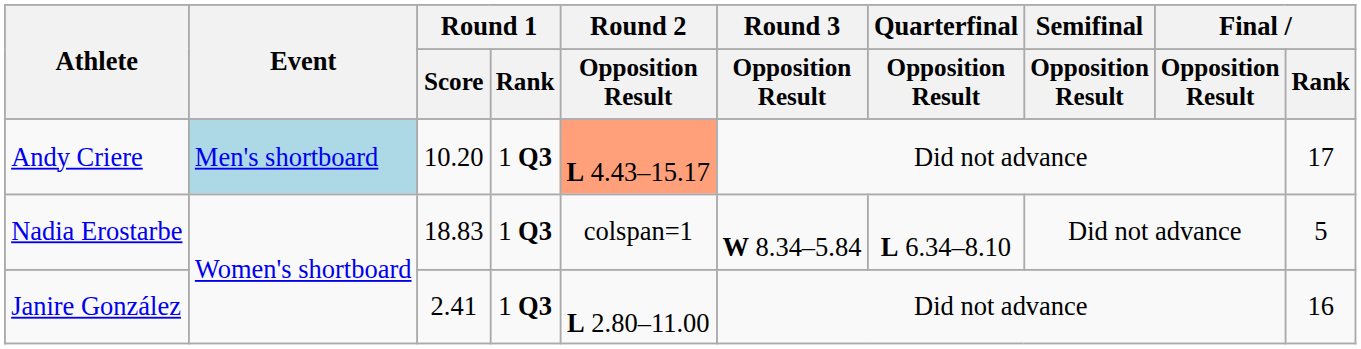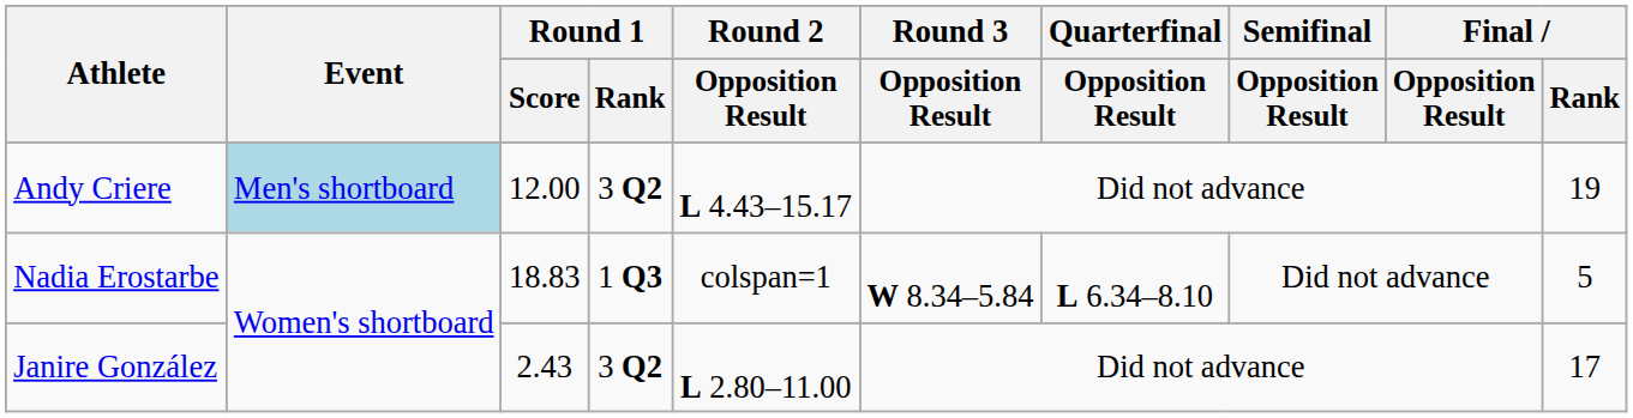 <table class=wikitable style="font-size:90%">
 <tr>
 <th rowspan=2>Athlete</th>
 <th rowspan=2>Event</th>
 <th colspan=2>Round 1</th>
 <th>Round 2</th>
 <th>Round 3</th>
 <th>Quarterfinal</th>
 <th>Semifinal</th>
 <th colspan=2>Final / </th>
 </tr>
 <tr style=font-size:95%>
 <th>Score</th>
 <th>Rank</th>
 <th>Opposition<br>Result</th>
 <th>Opposition<br>Result</th>
 <th>Opposition<br>Result</th>
 <th>Opposition<br>Result</th>
 <th>Opposition<br>Result</th>
 <th>Rank</th>
 </tr>
 <tr align=center>
 <td align=left><a href='#'>Andy Criere</a></td>
 <td align=left style="background: lightblue;"><a href='#'>Men's shortboard</a></td>
-<td>10.20</td>
-<td>1 <strong>Q3</strong></td>
-<td style="background: lightsalmon;"><br><strong>L</strong> 4.43–15.17</td>
+<td>12.00</td>
+<td>3 <strong>Q2</strong></td>
+<td><br><strong>L</strong> 4.43–15.17</td>
 <td colspan=4>Did not advance</td>
-<td>17</td>
+<td>19</td>
 </tr>
 <tr align=center>
 <td align=left><a href='#'>Nadia Erostarbe</a></td>
 <td align=left rowspan=2><a href='#'>Women's shortboard</a></td>
 <td>18.83</td>
 <td>1 <strong>Q3</strong></td>
 <td>colspan=1 </td>
 <td><br><strong>W</strong> 8.34–5.84</td>
 <td><br><strong>L</strong> 6.34–8.10</td>
 <td colspan=2>Did not advance</td>
 <td>5</td>
 </tr>
 <tr align=center>
 <td align=left><a href='#'>Janire González</a></td>
-<td>2.41</td>
-<td>1 <strong>Q3</strong></td>
+<td>2.43</td>
+<td>3 <strong>Q2</strong></td>
 <td><br><strong>L</strong> 2.80–11.00</td>
 <td colspan=4>Did not advance</td>
-<td>16</td>
+<td>17</td>
 </tr>
 </table>
